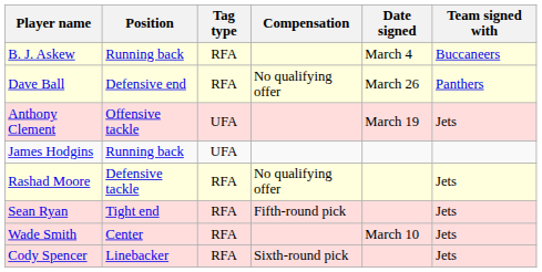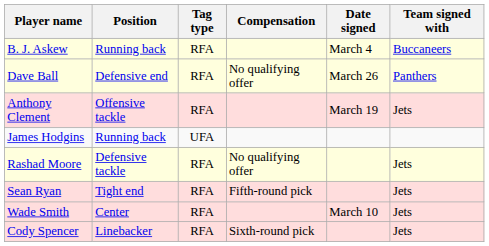 <table class="wikitable">
 <tr>
 <th>Player name</th>
 <th>Position</th>
 <th>Tag type</th>
 <th>Compensation</th>
 <th>Date signed</th>
 <th>Team signed with</th>
 </tr>
 <tr style="background:#ffd;">
 <td><a href='#'>B. J. Askew</a></td>
 <td><a href='#'>Running back</a></td>
 <td style="text-align:center;">RFA</td>
 <td></td>
 <td>March 4</td>
 <td><a href='#'>Buccaneers</a></td>
 </tr>
 <tr style="background:#ffd;">
 <td><a href='#'>Dave Ball</a></td>
 <td><a href='#'>Defensive end</a></td>
 <td style="text-align:center;">RFA</td>
 <td>No qualifying offer</td>
 <td>March 26</td>
 <td><a href='#'>Panthers</a></td>
 </tr>
 <tr style="background:#fdd;">
 <td><a href='#'>Anthony Clement</a></td>
 <td><a href='#'>Offensive tackle</a></td>
-<td style="text-align:center;">UFA</td>
+<td style="text-align:center;">RFA</td>
 <td></td>
 <td>March 19</td>
 <td>Jets</td>
 </tr>
 <tr>
 <td><a href='#'>James Hodgins</a></td>
 <td><a href='#'>Running back</a></td>
 <td style="text-align:center;">UFA</td>
 <td></td>
 <td></td>
 <td></td>
 </tr>
 <tr style="background:#ffd;">
 <td><a href='#'>Rashad Moore</a></td>
 <td><a href='#'>Defensive tackle</a></td>
 <td style="text-align:center;">RFA</td>
 <td>No qualifying offer</td>
 <td></td>
 <td>Jets</td>
 </tr>
 <tr style="background:#fdd;">
 <td><a href='#'>Sean Ryan</a></td>
 <td><a href='#'>Tight end</a></td>
 <td style="text-align:center;">RFA</td>
 <td>Fifth-round pick</td>
 <td></td>
 <td>Jets</td>
 </tr>
 <tr style="background:#fdd;">
 <td><a href='#'>Wade Smith</a></td>
 <td><a href='#'>Center</a></td>
 <td style="text-align:center;">RFA</td>
 <td></td>
 <td>March 10</td>
 <td>Jets</td>
 </tr>
 <tr style="background:#fdd;">
 <td><a href='#'>Cody Spencer</a></td>
 <td><a href='#'>Linebacker</a></td>
 <td style="text-align:center;">RFA</td>
 <td>Sixth-round pick</td>
 <td></td>
 <td>Jets</td>
 </tr>
 </table>
